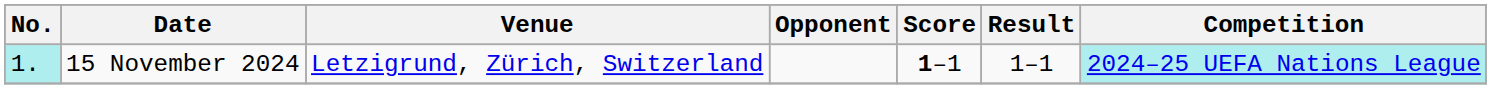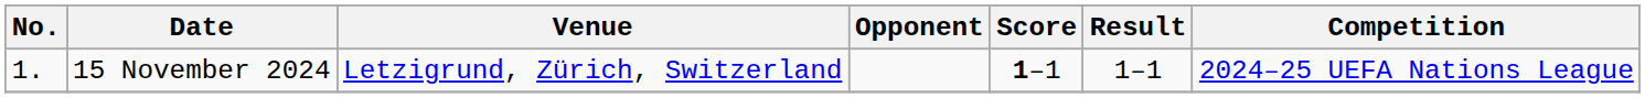 <table class="wikitable">
 <tr>
 <th>No.</th>
 <th>Date</th>
 <th>Venue</th>
 <th>Opponent</th>
 <th>Score</th>
 <th>Result</th>
 <th>Competition</th>
 </tr>
 <tr>
-<td style="background: paleturquoise;">1.</td>
+<td>1.</td>
 <td>15 November 2024</td>
 <td><a href='#'>Letzigrund</a>, <a href='#'>Zürich</a>, <a href='#'>Switzerland</a></td>
 <td></td>
 <td align=center><strong>1</strong>–1</td>
 <td align=center>1–1</td>
-<td style="background: paleturquoise;"><a href='#'>2024–25 UEFA Nations League</a></td>
+<td><a href='#'>2024–25 UEFA Nations League</a></td>
 </tr>
 <tr>
 </tr>
 </table>
